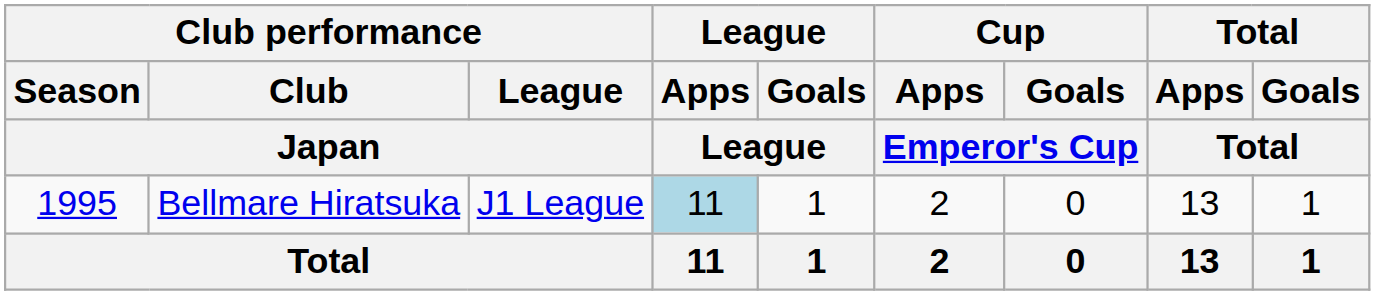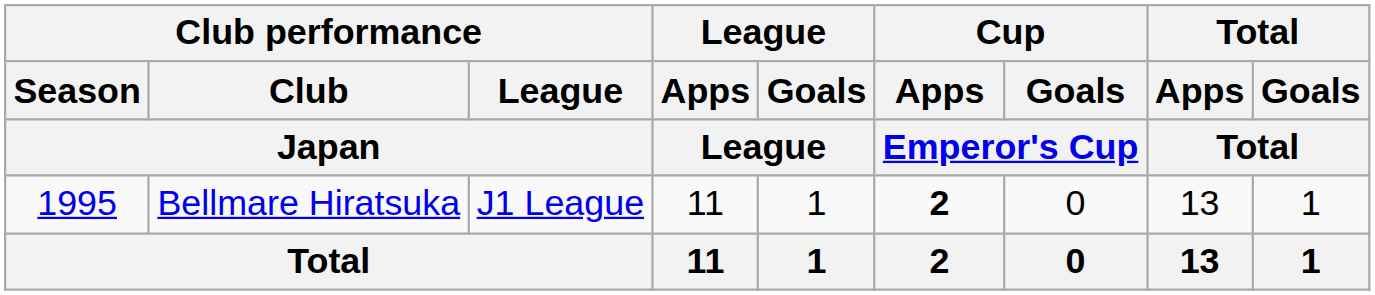 <table class="wikitable" style="text-align:center;">
 <tr>
 <th colspan=3>Club performance</th>
 <th colspan=2>League</th>
 <th colspan=2>Cup</th>
 <th colspan=2>Total</th>
 </tr>
 <tr>
 <th>Season</th>
 <th>Club</th>
 <th>League</th>
 <th>Apps</th>
 <th>Goals</th>
 <th>Apps</th>
 <th>Goals</th>
 <th>Apps</th>
 <th>Goals</th>
 </tr>
 <tr>
 <th colspan=3>Japan</th>
 <th colspan=2>League</th>
 <th colspan=2><a href='#'>Emperor's Cup</a></th>
 <th colspan=2>Total</th>
 </tr>
 <tr>
 <td><a href='#'>1995</a></td>
 <td><a href='#'>Bellmare Hiratsuka</a></td>
 <td><a href='#'>J1 League</a></td>
-<td style="background: lightblue;">11</td>
+<td>11</td>
 <td>1</td>
-<td>2</td>
+<td><strong>2</strong></td>
 <td>0</td>
 <td>13</td>
 <td>1</td>
 </tr>
 <tr>
 <th colspan=3>Total</th>
 <th>11</th>
 <th>1</th>
 <th>2</th>
 <th>0</th>
 <th>13</th>
 <th>1</th>
 </tr>
 </table>
